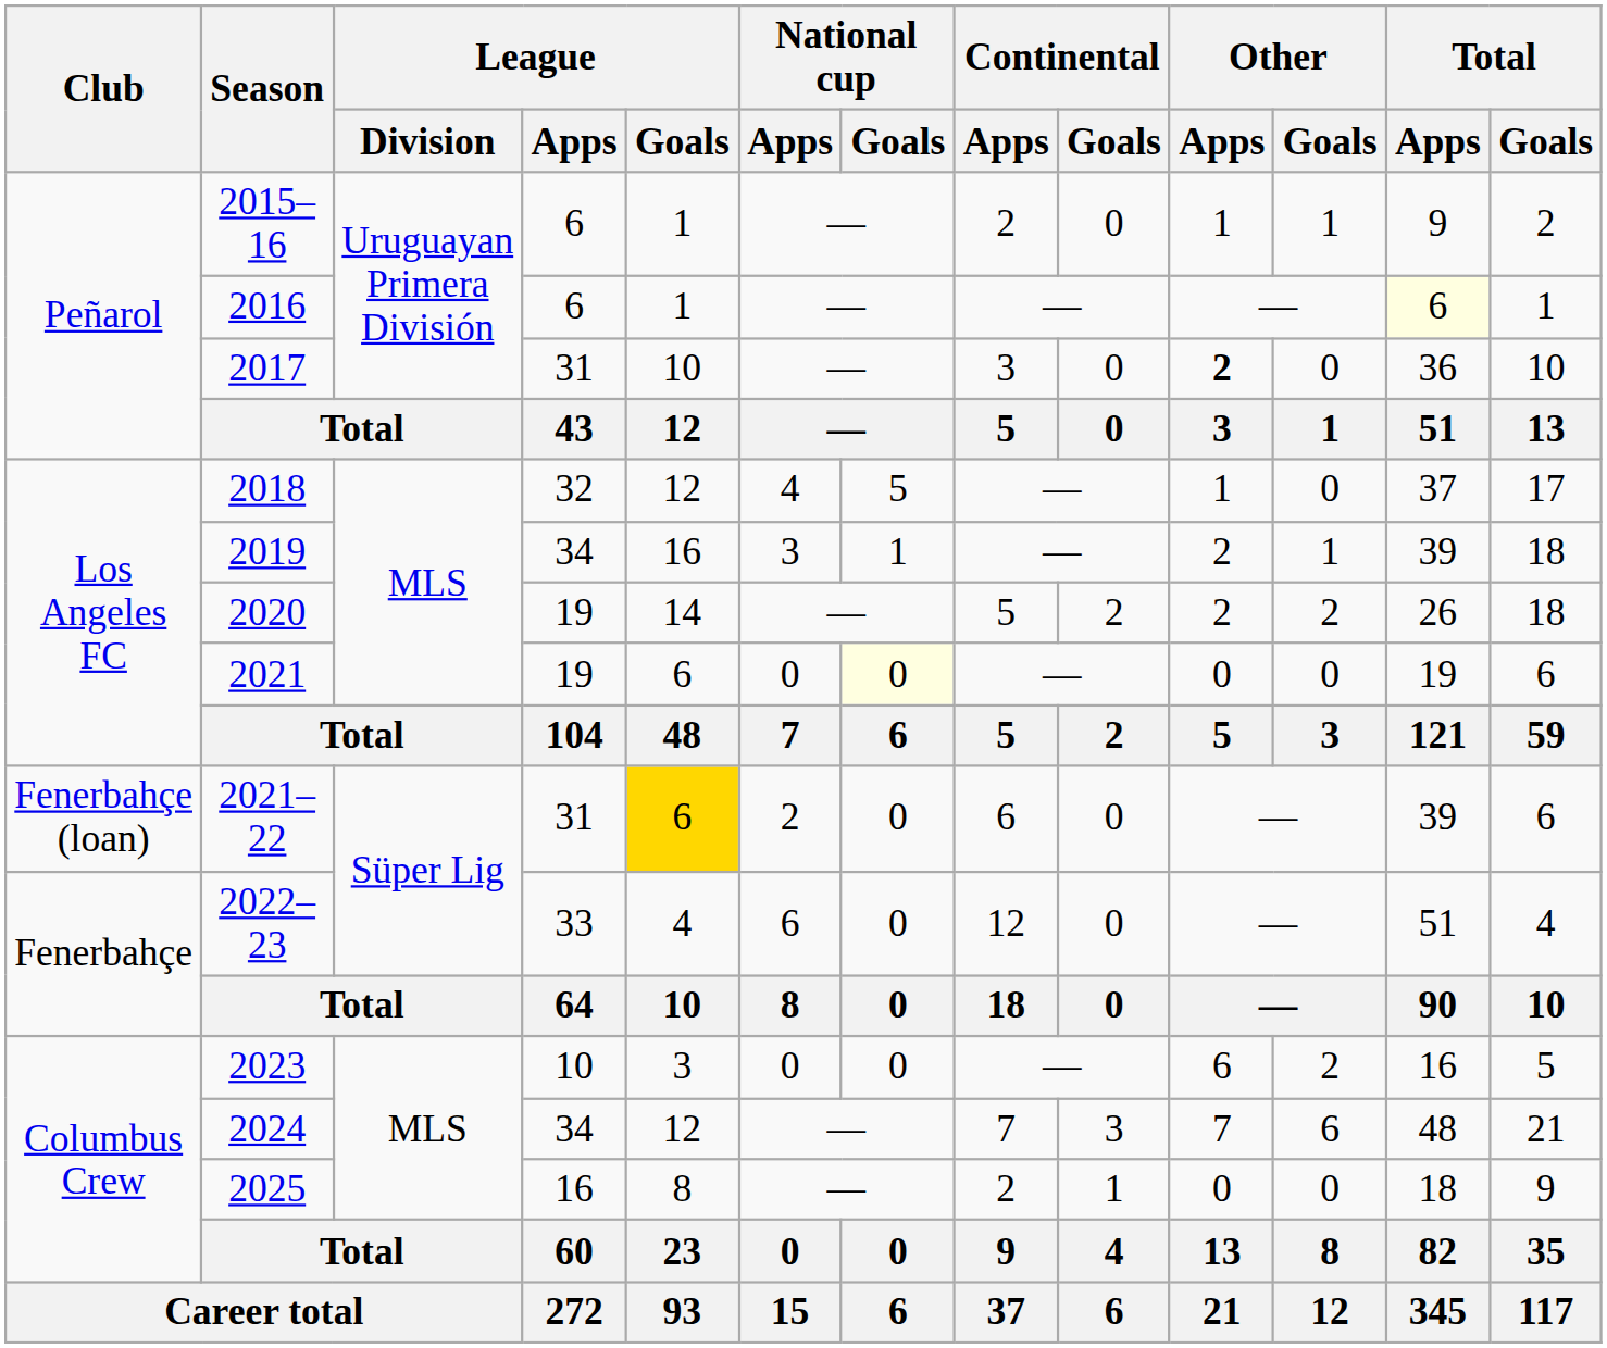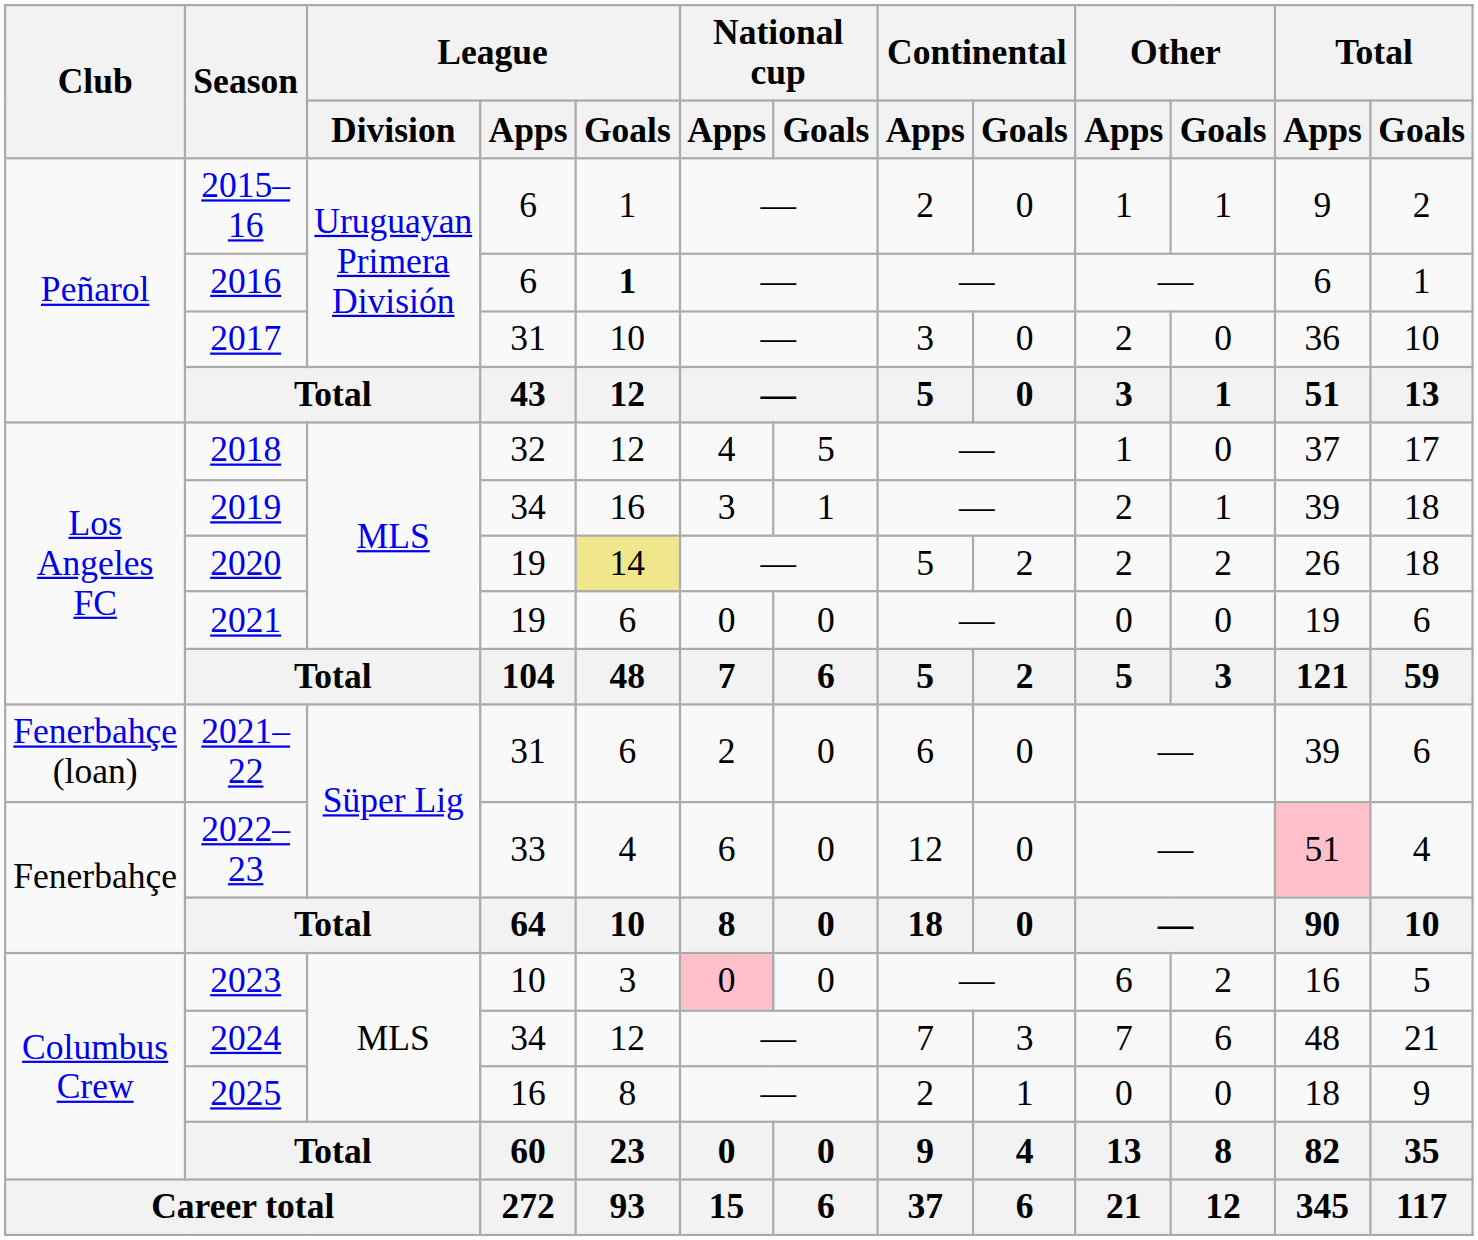 <table class="wikitable" style="text-align:center">
 <tr>
 <th rowspan="2">Club</th>
 <th rowspan="2">Season</th>
 <th colspan="3">League</th>
 <th colspan="2">National cup</th>
 <th colspan="2">Continental</th>
 <th colspan="2">Other</th>
 <th colspan="2">Total</th>
 </tr>
 <tr>
 <th>Division</th>
 <th>Apps</th>
 <th>Goals</th>
 <th>Apps</th>
 <th>Goals</th>
 <th>Apps</th>
 <th>Goals</th>
 <th>Apps</th>
 <th>Goals</th>
 <th>Apps</th>
 <th>Goals</th>
 </tr>
 <tr>
 <td rowspan="4"><a href='#'>Peñarol</a></td>
 <td><a href='#'>2015–16</a></td>
 <td rowspan="3"><a href='#'>Uruguayan Primera División</a></td>
 <td>6</td>
 <td>1</td>
 <td colspan="2">—</td>
 <td>2</td>
 <td>0</td>
 <td>1</td>
 <td>1</td>
 <td>9</td>
 <td>2</td>
 </tr>
 <tr>
 <td><a href='#'>2016</a></td>
 <td>6</td>
-<td>1</td>
+<td><strong>1</strong></td>
 <td colspan="2">—</td>
 <td colspan="2">—</td>
 <td colspan="2">—</td>
-<td style="background: lightyellow;">6</td>
+<td>6</td>
 <td>1</td>
 </tr>
 <tr>
 <td><a href='#'>2017</a></td>
 <td>31</td>
 <td>10</td>
 <td colspan="2">—</td>
 <td>3</td>
 <td>0</td>
-<td><strong>2</strong></td>
+<td>2</td>
 <td>0</td>
 <td>36</td>
 <td>10</td>
 </tr>
 <tr>
 <th colspan="2">Total</th>
 <th>43</th>
 <th>12</th>
 <th colspan="2">—</th>
 <th>5</th>
 <th>0</th>
 <th>3</th>
 <th>1</th>
 <th>51</th>
 <th>13</th>
 </tr>
 <tr>
 <td rowspan="5"><a href='#'>Los Angeles FC</a></td>
 <td><a href='#'>2018</a></td>
 <td rowspan="4"><a href='#'>MLS</a></td>
 <td>32</td>
 <td>12</td>
 <td>4</td>
 <td>5</td>
 <td colspan="2">—</td>
 <td>1</td>
 <td>0</td>
 <td>37</td>
 <td>17</td>
 </tr>
 <tr>
 <td><a href='#'>2019</a></td>
 <td>34</td>
 <td>16</td>
 <td>3</td>
 <td>1</td>
 <td colspan="2">—</td>
 <td>2</td>
 <td>1</td>
 <td>39</td>
 <td>18</td>
 </tr>
 <tr>
 <td><a href='#'>2020</a></td>
 <td>19</td>
-<td>14</td>
+<td style="background: khaki;">14</td>
 <td colspan="2">—</td>
 <td>5</td>
 <td>2</td>
 <td>2</td>
 <td>2</td>
 <td>26</td>
 <td>18</td>
 </tr>
 <tr>
 <td><a href='#'>2021</a></td>
 <td>19</td>
 <td>6</td>
 <td>0</td>
-<td style="background: lightyellow;">0</td>
+<td>0</td>
 <td colspan="2">—</td>
 <td>0</td>
 <td>0</td>
 <td>19</td>
 <td>6</td>
 </tr>
 <tr>
 <th colspan="2">Total</th>
 <th>104</th>
 <th>48</th>
 <th>7</th>
 <th>6</th>
 <th>5</th>
 <th>2</th>
 <th>5</th>
 <th>3</th>
 <th>121</th>
 <th>59</th>
 </tr>
 <tr>
 <td><a href='#'>Fenerbahçe</a> (loan)</td>
 <td><a href='#'>2021–22</a></td>
 <td rowspan="2"><a href='#'>Süper Lig</a></td>
 <td>31</td>
-<td style="background: gold;">6</td>
+<td>6</td>
 <td>2</td>
 <td>0</td>
 <td>6</td>
 <td>0</td>
 <td colspan="2">—</td>
 <td>39</td>
 <td>6</td>
 </tr>
 <tr>
 <td rowspan="2">Fenerbahçe</td>
 <td><a href='#'>2022–23</a></td>
 <td>33</td>
 <td>4</td>
 <td>6</td>
 <td>0</td>
 <td>12</td>
 <td>0</td>
 <td colspan="2">—</td>
-<td>51</td>
+<td style="background: pink;">51</td>
 <td>4</td>
 </tr>
 <tr>
 <th colspan="2">Total</th>
 <th>64</th>
 <th>10</th>
 <th>8</th>
 <th>0</th>
 <th>18</th>
 <th>0</th>
 <th colspan="2">—</th>
 <th>90</th>
 <th>10</th>
 </tr>
 <tr>
 <td rowspan="4"><a href='#'>Columbus Crew</a></td>
 <td><a href='#'>2023</a></td>
 <td rowspan="3">MLS</td>
 <td>10</td>
 <td>3</td>
-<td>0</td>
+<td style="background: pink;">0</td>
 <td>0</td>
 <td colspan="2">—</td>
 <td>6</td>
 <td>2</td>
 <td>16</td>
 <td>5</td>
 </tr>
 <tr>
 <td><a href='#'>2024</a></td>
 <td>34</td>
 <td>12</td>
 <td colspan="2">—</td>
 <td>7</td>
 <td>3</td>
 <td>7</td>
 <td>6</td>
 <td>48</td>
 <td>21</td>
 </tr>
 <tr>
 <td><a href='#'>2025</a></td>
 <td>16</td>
 <td>8</td>
 <td colspan="2">—</td>
 <td>2</td>
 <td>1</td>
 <td>0</td>
 <td>0</td>
 <td>18</td>
 <td>9</td>
 </tr>
 <tr>
 <th colspan="2">Total</th>
 <th>60</th>
 <th>23</th>
 <th>0</th>
 <th>0</th>
 <th>9</th>
 <th>4</th>
 <th>13</th>
 <th>8</th>
 <th>82</th>
 <th>35</th>
 </tr>
 <tr>
 <th colspan="3">Career total</th>
 <th>272</th>
 <th>93</th>
 <th>15</th>
 <th>6</th>
 <th>37</th>
 <th>6</th>
 <th>21</th>
 <th>12</th>
 <th>345</th>
 <th>117</th>
 </tr>
 </table>
